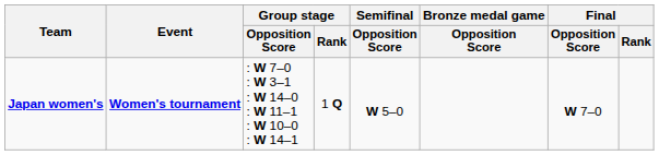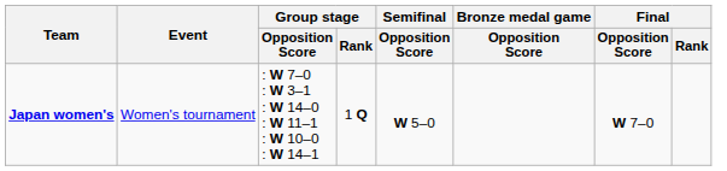 <table class=wikitable style=font-size:90%;text-align:center>
 <tr>
 <th rowspan=2>Team</th>
 <th rowspan=2>Event</th>
 <th colspan=2>Group stage</th>
 <th>Semifinal</th>
 <th>Bronze medal game</th>
 <th colspan=2>Final</th>
 </tr>
 <tr style=font-size:95%>
 <th>Opposition<br>Score</th>
 <th>Rank</th>
 <th>Opposition<br>Score</th>
 <th>Opposition<br>Score</th>
 <th>Opposition<br>Score</th>
 <th>Rank</th>
 </tr>
 <tr>
 <td style="text-align:left"><strong><a href='#'>Japan women's</a></strong></td>
-<td style="text-align:left"><strong><a href='#'>Women's tournament</a></strong></td>
+<td style="text-align:left"><a href='#'>Women's tournament</a></td>
 <td style="text-align:left">: <strong>W</strong> 7–0<br>: <strong>W</strong> 3–1<br>: <strong>W</strong> 14–0<br>: <strong>W</strong> 11–1<br>: <strong>W</strong> 10–0<br>: <strong>W</strong> 14–1</td>
 <td>1 <strong>Q</strong></td>
 <td><br><strong>W</strong> 5–0</td>
 <td></td>
 <td><br><strong>W</strong> 7–0</td>
 <td></td>
 </tr>
 </table>
